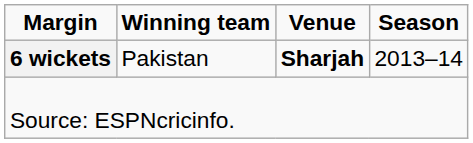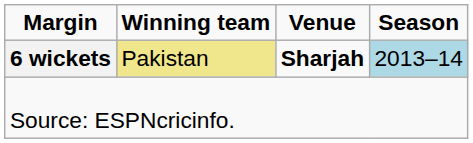 <table class="wikitable">
 <tr>
 <td align="center"><strong>Margin</strong></td>
 <td align="center"><strong>Winning team</strong></td>
 <td align="center"><strong>Venue</strong></td>
 <td align="center"><strong>Season</strong></td>
 </tr>
 <tr>
 <th>6 wickets</th>
-<td>Pakistan</td>
+<td style="background: khaki;">Pakistan</td>
 <td><strong>Sharjah</strong></td>
-<td>2013–14</td>
+<td style="background: lightblue;">2013–14</td>
 </tr>
 <tr>
 <td colspan="4"><br>Source: ESPNcricinfo.</td>
 </tr>
 </table>
